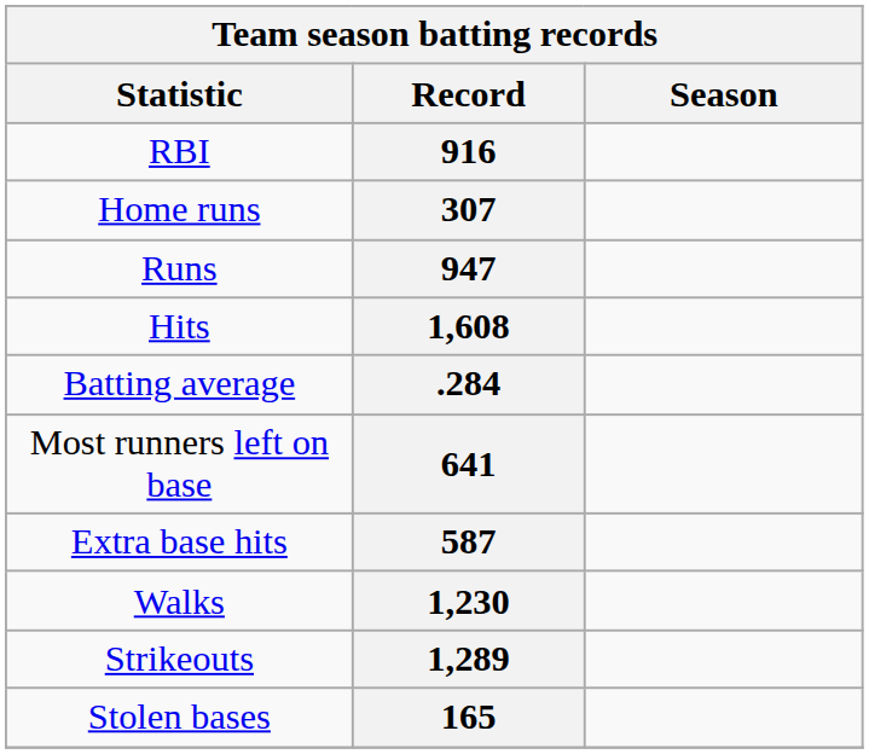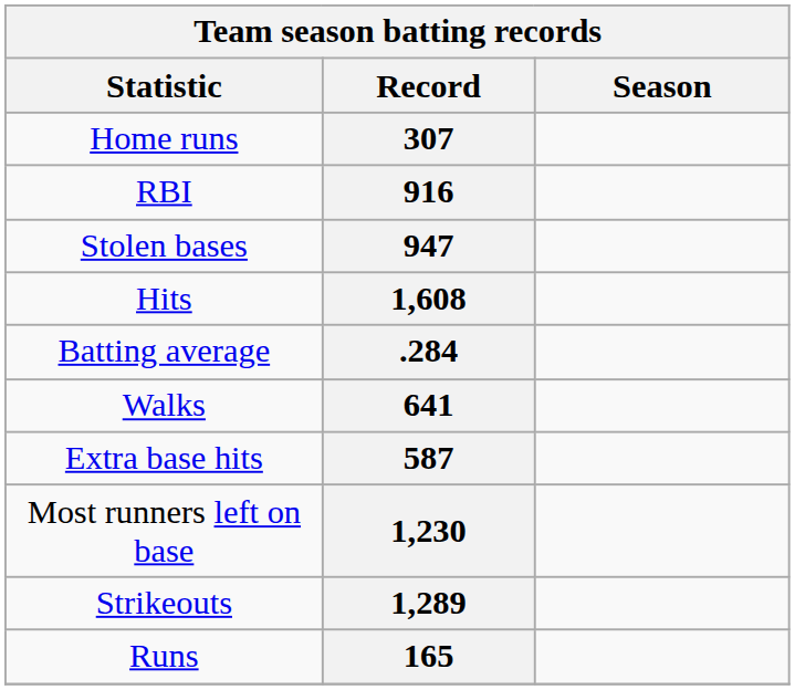 <table class="wikitable sortable" style="text-align:center" width="60%">
 <tr>
 <th colspan=3>Team season batting records</th>
 </tr>
 <tr>
 <th scope="col" width=18%>Statistic</th>
 <th scope="col" class="unsortable" width=10%>Record</th>
 <th scope="col" width=15%>Season</th>
 </tr>
 <tr>
+<td><a href='#'>Home runs</a></td>
+<th scope="row">307</th>
+<td></td>
+</tr>
+<tr>
 <td><a href='#'>RBI</a></td>
 <th scope="row">916</th>
 <td></td>
 </tr>
 <tr>
-<td><a href='#'>Home runs</a></td>
-<th scope="row">307</th>
-<td></td>
-</tr>
-<tr>
-<td><a href='#'>Runs</a></td>
+<td><a href='#'>Stolen bases</a></td>
 <th scope="row">947</th>
 <td></td>
 </tr>
 <tr>
 <td><a href='#'>Hits</a></td>
 <th scope="row">1,608</th>
 <td></td>
 </tr>
 <tr>
 <td><a href='#'>Batting average</a></td>
 <th scope="row">.284</th>
 <td></td>
 </tr>
 <tr>
-<td>Most runners <a href='#'>left on base</a></td>
+<td><a href='#'>Walks</a></td>
 <th scope="row">641</th>
 <td></td>
 </tr>
 <tr>
 <td><a href='#'>Extra base hits</a></td>
 <th scope="row">587</th>
 <td></td>
 </tr>
 <tr>
-<td><a href='#'>Walks</a></td>
+<td>Most runners <a href='#'>left on base</a></td>
 <th scope="row">1,230</th>
 <td></td>
 </tr>
 <tr>
 <td><a href='#'>Strikeouts</a></td>
 <th scope="row">1,289</th>
 <td></td>
 </tr>
 <tr>
-<td><a href='#'>Stolen bases</a></td>
+<td><a href='#'>Runs</a></td>
 <th scope="row">165</th>
 <td></td>
 </tr>
 <tr>
 </tr>
 </table>
